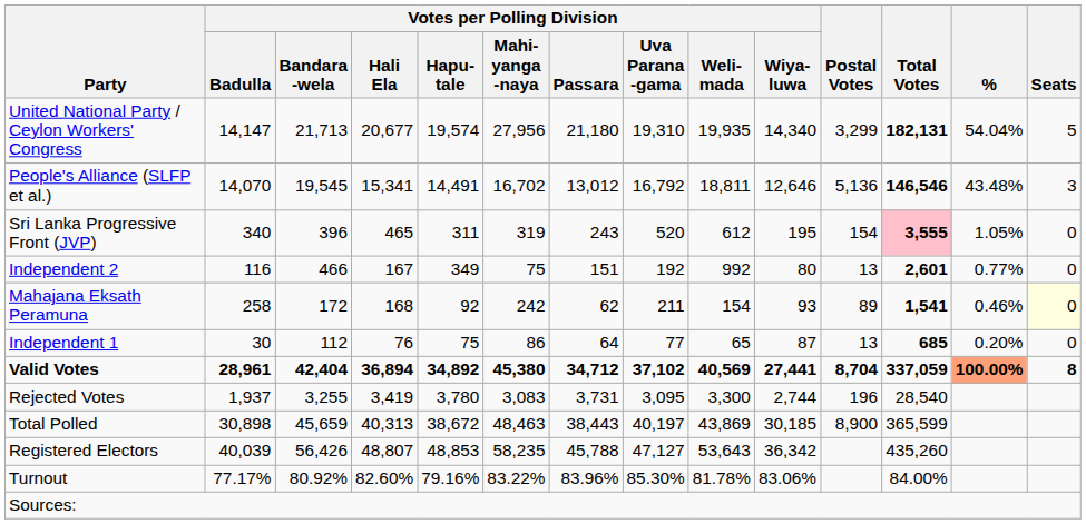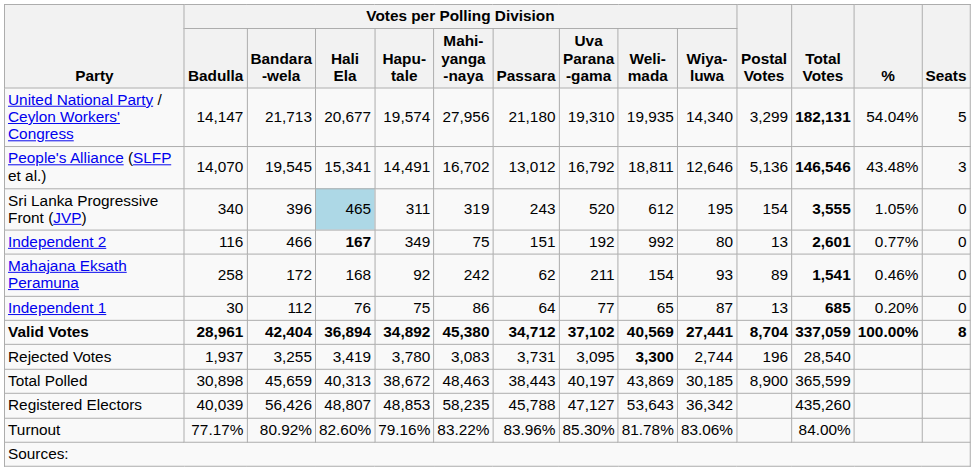 <table class="wikitable" border="1" style="text-align:right;">
 <tr>
 <th align=left valign=bottom rowspan=2 width="180">Party</th>
 <th colspan=9>Votes per Polling Division</th>
 <th align=center valign=bottom rowspan=2 width="50">Postal<br>Votes</th>
 <th align=center valign=bottom rowspan=2 width="50">Total Votes</th>
 <th align=center valign=bottom rowspan=2 width="50">%</th>
 <th align=center valign=bottom rowspan=2 width="40">Seats</th>
 </tr>
 <tr>
 <th align=center valign=bottom width="50">Badulla</th>
 <th align=center valign=bottom width="50">Bandara<br>-wela</th>
 <th align=center valign=bottom width="50">Hali<br>Ela</th>
 <th !align=center valign=bottom width="50">Hapu-<br>tale</th>
 <th align=center valign=bottom width="50">Mahi-<br>yanga<br>-naya</th>
 <th align=center valign=bottom width="50">Passara</th>
 <th align=center valign=bottom width="50">Uva<br>Parana<br>-gama</th>
 <th align=center valign=bottom width="50">Weli-<br>mada</th>
 <th align=center valign=bottom width="50">Wiya-<br>luwa</th>
 </tr>
 <tr>
 <td align=left><a href='#'>United National Party</a> /<br><a href='#'>Ceylon Workers' Congress</a></td>
 <td>14,147</td>
 <td>21,713</td>
 <td>20,677</td>
 <td>19,574</td>
 <td>27,956</td>
 <td>21,180</td>
 <td>19,310</td>
 <td>19,935</td>
 <td>14,340</td>
 <td>3,299</td>
 <td><strong>182,131</strong></td>
 <td>54.04%</td>
 <td>5</td>
 </tr>
 <tr>
 <td align=left><a href='#'>People's Alliance</a> (<a href='#'>SLFP</a> et al.)</td>
 <td>14,070</td>
 <td>19,545</td>
 <td>15,341</td>
 <td>14,491</td>
 <td>16,702</td>
 <td>13,012</td>
 <td>16,792</td>
 <td>18,811</td>
 <td>12,646</td>
 <td>5,136</td>
 <td><strong>146,546</strong></td>
 <td>43.48%</td>
 <td>3</td>
 </tr>
 <tr>
 <td align=left>Sri Lanka Progressive Front (<a href='#'>JVP</a>)</td>
 <td>340</td>
 <td>396</td>
-<td>465</td>
+<td style="background: lightblue;">465</td>
 <td>311</td>
 <td>319</td>
 <td>243</td>
 <td>520</td>
 <td>612</td>
 <td>195</td>
 <td>154</td>
-<td style="background: pink;"><strong>3,555</strong></td>
+<td><strong>3,555</strong></td>
 <td>1.05%</td>
 <td>0</td>
 </tr>
 <tr>
 <td align=left><a href='#'>Independent 2</a></td>
 <td>116</td>
 <td>466</td>
-<td>167</td>
+<td><strong>167</strong></td>
 <td>349</td>
 <td>75</td>
 <td>151</td>
 <td>192</td>
 <td>992</td>
 <td>80</td>
 <td>13</td>
 <td><strong>2,601</strong></td>
 <td>0.77%</td>
 <td>0</td>
 </tr>
 <tr>
 <td align=left><a href='#'>Mahajana Eksath Peramuna</a></td>
 <td>258</td>
 <td>172</td>
 <td>168</td>
 <td>92</td>
 <td>242</td>
 <td>62</td>
 <td>211</td>
 <td>154</td>
 <td>93</td>
 <td>89</td>
 <td><strong>1,541</strong></td>
 <td>0.46%</td>
-<td style="background: lightyellow;">0</td>
+<td>0</td>
 </tr>
 <tr>
 <td align=left><a href='#'>Independent 1</a></td>
 <td>30</td>
 <td>112</td>
 <td>76</td>
 <td>75</td>
 <td>86</td>
 <td>64</td>
 <td>77</td>
 <td>65</td>
 <td>87</td>
 <td>13</td>
 <td><strong>685</strong></td>
 <td>0.20%</td>
 <td>0</td>
 </tr>
 <tr>
 <td align=left><strong>Valid Votes</strong></td>
 <td><strong>28,961</strong></td>
 <td><strong>42,404</strong></td>
 <td><strong>36,894</strong></td>
 <td><strong>34,892</strong></td>
 <td><strong>45,380</strong></td>
 <td><strong>34,712</strong></td>
 <td><strong>37,102</strong></td>
 <td><strong>40,569</strong></td>
 <td><strong>27,441</strong></td>
 <td><strong>8,704</strong></td>
 <td><strong>337,059</strong></td>
-<td style="background: lightsalmon;"><strong>100.00%</strong></td>
+<td><strong>100.00%</strong></td>
 <td><strong>8</strong></td>
 </tr>
 <tr>
 <td align=left>Rejected Votes</td>
 <td>1,937</td>
 <td>3,255</td>
 <td>3,419</td>
 <td>3,780</td>
 <td>3,083</td>
 <td>3,731</td>
 <td>3,095</td>
-<td>3,300</td>
+<td><strong>3,300</strong></td>
 <td>2,744</td>
 <td>196</td>
 <td>28,540</td>
 <td></td>
 <td></td>
 </tr>
 <tr>
 <td align=left>Total Polled</td>
 <td>30,898</td>
 <td>45,659</td>
 <td>40,313</td>
 <td>38,672</td>
 <td>48,463</td>
 <td>38,443</td>
 <td>40,197</td>
 <td>43,869</td>
 <td>30,185</td>
 <td>8,900</td>
 <td>365,599</td>
 <td></td>
 <td></td>
 </tr>
 <tr>
 <td align=left>Registered Electors</td>
 <td>40,039</td>
 <td>56,426</td>
 <td>48,807</td>
 <td>48,853</td>
 <td>58,235</td>
 <td>45,788</td>
 <td>47,127</td>
 <td>53,643</td>
 <td>36,342</td>
 <td></td>
 <td>435,260</td>
 <td></td>
 <td></td>
 </tr>
 <tr>
 <td align=left>Turnout</td>
 <td>77.17%</td>
 <td>80.92%</td>
 <td>82.60%</td>
 <td>79.16%</td>
 <td>83.22%</td>
 <td>83.96%</td>
 <td>85.30%</td>
 <td>81.78%</td>
 <td>83.06%</td>
 <td></td>
 <td>84.00%</td>
 <td></td>
 <td></td>
 </tr>
 <tr>
 <td align=left colspan=15>Sources:</td>
 </tr>
 </table>
